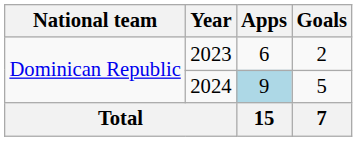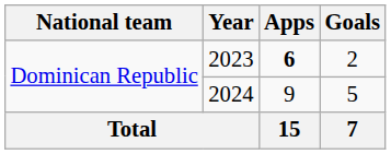 <table class="wikitable" style="text-align:center">
 <tr>
 <th>National team</th>
 <th>Year</th>
 <th>Apps</th>
 <th>Goals</th>
 </tr>
 <tr>
 <td rowspan="2"><a href='#'>Dominican Republic</a></td>
 <td>2023</td>
-<td>6</td>
+<td><strong>6</strong></td>
 <td>2</td>
 </tr>
 <tr>
 <td>2024</td>
-<td style="background: lightblue;">9</td>
+<td>9</td>
 <td>5</td>
 </tr>
 <tr>
 <th colspan="2">Total</th>
 <th>15</th>
 <th>7</th>
 </tr>
 </table>
